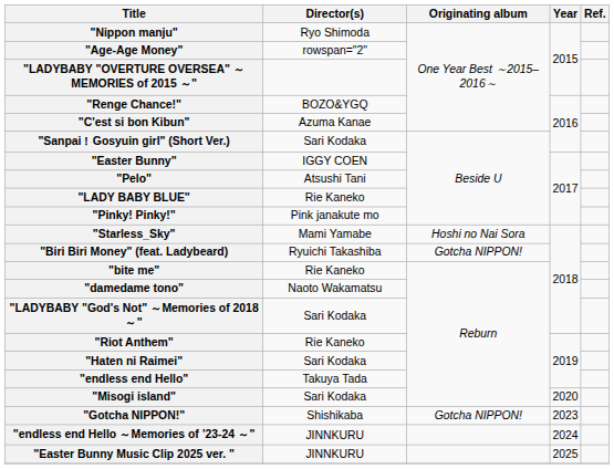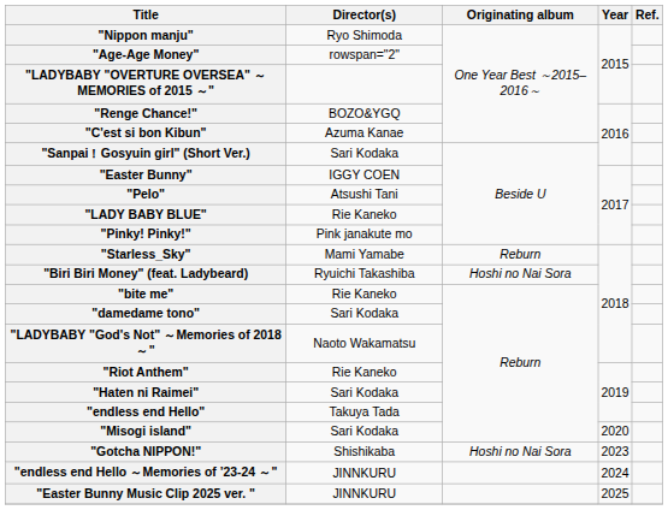 <table class="wikitable sortable plainrowheaders" style="text-align: center;">
 <tr>
 <th scope="col" style="width: 22em;">Title</th>
 <th scope="col" style="width: 12em;" class="unsortable">Director(s)</th>
 <th scope="col" style="width: 12em;">Originating album</th>
 <th scope="col" style="width: 2em;">Year</th>
 <th scope="col" style="width: 2em;" class="unsortable">Ref.</th>
 </tr>
 <tr>
 <th scope="row">"Nippon manju"</th>
 <td>Ryo Shimoda</td>
 <td rowspan="5"><em>One Year Best ～2015–2016～</em></td>
 <td rowspan="3">2015</td>
 <td></td>
 </tr>
 <tr>
 <th scope="row">"Age-Age Money"</th>
 <td>rowspan="2" </td>
 <td></td>
 </tr>
 <tr>
 <th scope="row">"LADYBABY "OVERTURE OVERSEA" ～MEMORIES of 2015 ～"</th>
 <td></td>
 </tr>
 <tr>
 <th scope="row">"Renge Chance!"</th>
 <td>BOZO&YGQ</td>
 <td rowspan="3">2016</td>
 <td></td>
 </tr>
 <tr>
 <th scope="row">"C'est si bon Kibun"</th>
 <td>Azuma Kanae</td>
 <td></td>
 </tr>
 <tr>
 <th scope="row">"Sanpai！Gosyuin girl" (Short Ver.)</th>
 <td>Sari Kodaka</td>
 <td rowspan="5"><em>Beside U</em></td>
 <td></td>
 </tr>
 <tr>
 <th scope="row">"Easter Bunny"</th>
 <td>IGGY COEN</td>
 <td rowspan="4">2017</td>
 <td></td>
 </tr>
 <tr>
 <th scope="row">"Pelo"</th>
 <td>Atsushi Tani</td>
 <td></td>
 </tr>
 <tr>
 <th scope="row">"LADY BABY BLUE"</th>
 <td>Rie Kaneko</td>
 <td></td>
 </tr>
 <tr>
 <th scope="row">"Pinky! Pinky!"</th>
 <td>Pink janakute mo</td>
 <td></td>
 </tr>
 <tr>
 <th scope="row">"Starless_Sky"</th>
 <td>Mami Yamabe</td>
-<td><em>Hoshi no Nai Sora</em></td>
+<td><em>Reburn</em></td>
 <td rowspan="5">2018</td>
 <td></td>
 </tr>
 <tr>
 <th scope="row">"Biri Biri Money" (feat. Ladybeard)</th>
 <td>Ryuichi Takashiba</td>
-<td><em>Gotcha NIPPON!</em></td>
+<td><em>Hoshi no Nai Sora</em></td>
 <td></td>
 </tr>
 <tr>
 <th scope="row">"bite me"</th>
 <td>Rie Kaneko</td>
 <td rowspan="7"><em>Reburn</em></td>
 <td></td>
 </tr>
 <tr>
 <th scope="row">"damedame tono"</th>
-<td>Naoto Wakamatsu</td>
+<td>Sari Kodaka</td>
 <td></td>
 </tr>
 <tr>
 <th scope="row">"LADYBABY "God's Not" ～Memories of 2018 ～"</th>
-<td>Sari Kodaka</td>
+<td>Naoto Wakamatsu</td>
 <td></td>
 </tr>
 <tr>
 <th scope="row">"Riot Anthem"</th>
 <td>Rie Kaneko</td>
 <td rowspan="3">2019</td>
 <td></td>
 </tr>
 <tr>
 <th scope="row">"Haten ni Raimei"</th>
 <td>Sari Kodaka</td>
 <td></td>
 </tr>
 <tr>
 <th scope="row">"endless end Hello"</th>
 <td>Takuya Tada</td>
 <td></td>
 </tr>
 <tr>
 <th scope="row">"Misogi island"</th>
 <td>Sari Kodaka</td>
 <td>2020</td>
 <td></td>
 </tr>
 <tr>
 <th scope="row">"Gotcha NIPPON!"</th>
 <td>Shishikaba</td>
-<td><em>Gotcha NIPPON!</em></td>
+<td><em>Hoshi no Nai Sora</em></td>
 <td>2023</td>
 <td></td>
 </tr>
 <tr>
 <th scope="row">"endless end Hello ～Memories of ’23-24 ～"</th>
 <td>JINNKURU</td>
 <td></td>
 <td>2024</td>
 <td></td>
 </tr>
 <tr>
 <th scope="row">"Easter Bunny Music Clip 2025 ver. "</th>
 <td>JINNKURU</td>
 <td></td>
 <td rowspan="1">2025</td>
 <td></td>
 </tr>
 <tr>
 </tr>
 </table>
